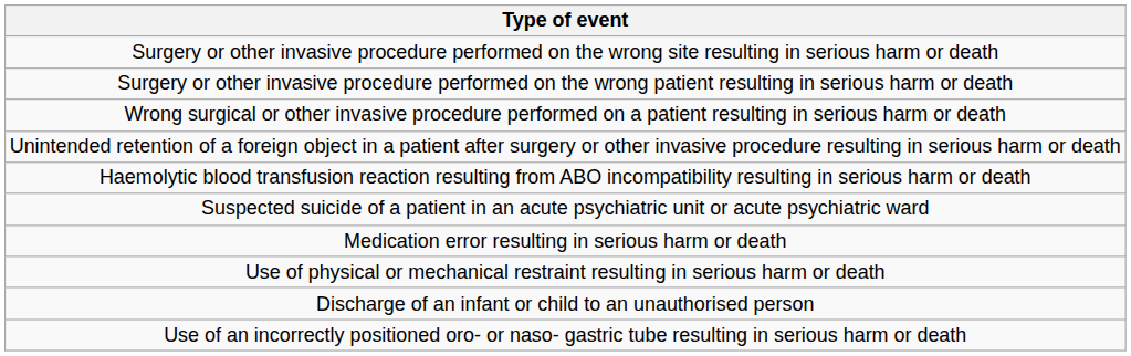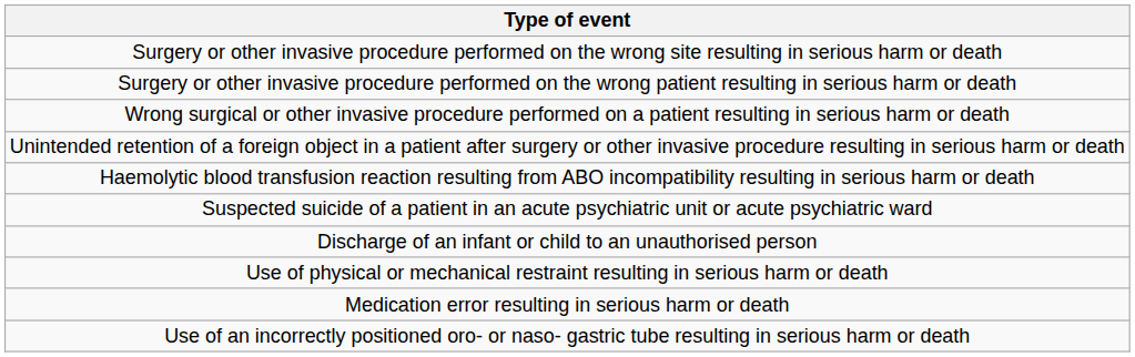 <table class="wikitable sortable">
 <tr>
 <th>Type of event</th>
 </tr>
 <tr>
 <td align=center>Surgery or other invasive procedure performed on the wrong site resulting in serious harm or death</td>
 </tr>
 <tr>
 <td align=center>Surgery or other invasive procedure performed on the wrong patient resulting in serious harm or death</td>
 </tr>
 <tr>
 <td align=center>Wrong surgical or other invasive procedure performed on a patient resulting in serious harm or death</td>
 </tr>
 <tr>
 <td align=center>Unintended retention of a foreign object in a patient after surgery or other invasive procedure resulting in serious harm or death</td>
 </tr>
 <tr>
 <td align=center>Haemolytic blood transfusion reaction resulting from ABO incompatibility resulting in serious harm or death</td>
 </tr>
 <tr>
 <td align=center>Suspected suicide of a patient in an acute psychiatric unit or acute psychiatric ward</td>
 </tr>
 <tr>
-<td align=center>Medication error resulting in serious harm or death</td>
+<td align=center>Discharge of an infant or child to an unauthorised person</td>
 </tr>
 <tr>
 <td align=center>Use of physical or mechanical restraint resulting in serious harm or death</td>
 </tr>
 <tr>
-<td align=center>Discharge of an infant or child to an unauthorised person</td>
+<td align=center>Medication error resulting in serious harm or death</td>
 </tr>
 <tr>
 <td align=center>Use of an incorrectly positioned oro- or naso- gastric tube resulting in serious harm or death</td>
 </tr>
 </table>
